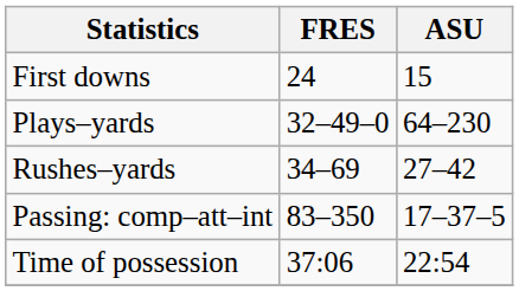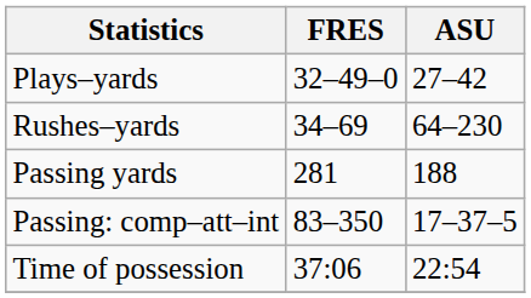 <table class="wikitable" style="float: left;">
 <tr>
 <th>Statistics</th>
 <th>FRES</th>
 <th>ASU</th>
 </tr>
 <tr>
-<td>First downs</td>
-<td>24</td>
-<td>15</td>
-</tr>
-<tr>
 <td>Plays–yards</td>
 <td>32–49–0</td>
-<td>64–230</td>
+<td>27–42</td>
 </tr>
 <tr>
 <td>Rushes–yards</td>
 <td>34–69</td>
-<td>27–42</td>
+<td>64–230</td>
+</tr>
+<tr>
+<td>Passing yards</td>
+<td>281</td>
+<td>188</td>
 </tr>
 <tr>
 <td>Passing: comp–att–int</td>
 <td>83–350</td>
 <td>17–37–5</td>
 </tr>
 <tr>
 <td>Time of possession</td>
 <td>37:06</td>
 <td>22:54</td>
 </tr>
 <tr>
 </tr>
 </table>
